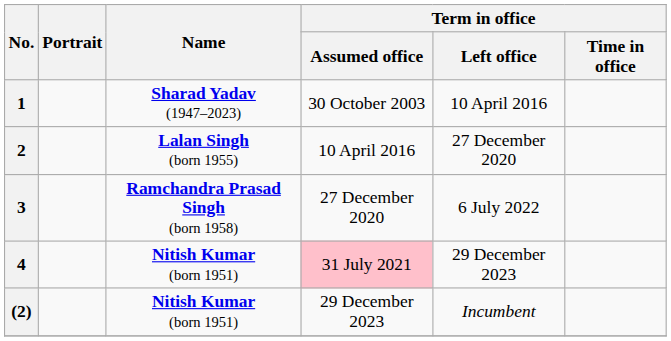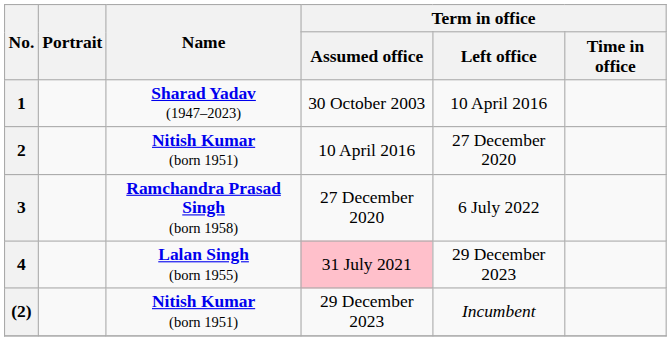 <table class="wikitable" style="text-align:center">
 <tr>
 <th rowspan=2 style="background-color:">No.</th>
 <th rowspan=2 style="background-color:">Portrait</th>
 <th rowspan=2 style="background-color:">Name<br></th>
 <th colspan=3 style="background-color:">Term in office</th>
 </tr>
 <tr>
 <th style="background-color:">Assumed office</th>
 <th style="background-color:">Left office</th>
 <th style="background-color:">Time in office</th>
 </tr>
 <tr>
 <th>1</th>
 <td></td>
 <td><strong><a href='#'>Sharad Yadav</a></strong><br><small>(1947–2023)</small></td>
 <td>30 October 2003</td>
 <td>10 April 2016</td>
 <td></td>
 </tr>
 <tr>
 <th>2</th>
 <td></td>
-<td><strong><a href='#'>Lalan Singh</a></strong><br><small>(born 1955)</small></td>
+<td><strong><a href='#'>Nitish Kumar</a></strong><br><small>(born 1951)</small></td>
 <td>10 April 2016</td>
 <td>27 December 2020</td>
 <td></td>
 </tr>
 <tr>
 <th>3</th>
 <td></td>
 <td><strong><a href='#'>Ramchandra Prasad Singh</a></strong><br><small>(born 1958)</small></td>
 <td>27 December 2020</td>
 <td>6 July 2022</td>
 <td></td>
 </tr>
 <tr>
 <th>4</th>
 <td></td>
-<td><strong><a href='#'>Nitish Kumar</a></strong><br><small>(born 1951)</small></td>
+<td><strong><a href='#'>Lalan Singh</a></strong><br><small>(born 1955)</small></td>
 <td style="background: pink;">31 July 2021</td>
 <td>29 December 2023</td>
 <td></td>
 </tr>
 <tr>
 <th>(2)</th>
 <td></td>
 <td><strong><a href='#'>Nitish Kumar</a></strong><br><small>(born 1951)</small></td>
 <td>29 December 2023</td>
 <td><em>Incumbent</em></td>
 <td></td>
 </tr>
 <tr>
 </tr>
 </table>
